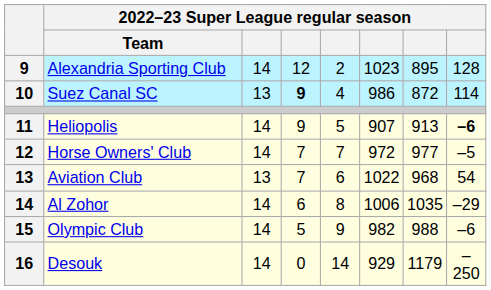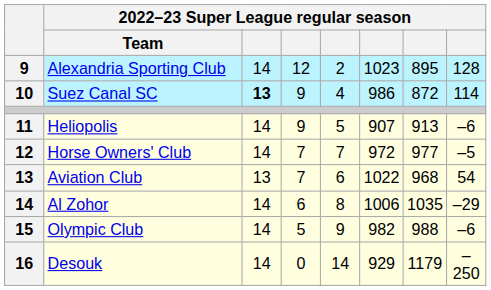 <table class="wikitable" style="font-size:95%; text-align:center">
 <tr>
 <th rowspan="2" width="30px"></th>
 <th colspan="7" style="text-align:center"><strong>2022–23 Super League regular season</strong></th>
 </tr>
 <tr>
 <th width="180px">Team</th>
 <th width="30px"></th>
 <th width="30px"></th>
 <th width="30px"></th>
 <th width="30px"></th>
 <th width="30px"></th>
 <th width="30px"></th>
 </tr>
 <tr bgcolor="#BBF3FF">
 <th>9</th>
 <td style="text-align:left;"><a href='#'>Alexandria Sporting Club</a></td>
 <td>14</td>
 <td>12</td>
 <td>2</td>
 <td>1023</td>
 <td>895</td>
 <td>128</td>
 </tr>
 <tr bgcolor="#BBF3FF">
 <th>10</th>
 <td style="text-align:left;"><a href='#'>Suez Canal SC</a></td>
-<td>13</td>
-<td><strong>9</strong></td>
+<td><strong>13</strong></td>
+<td>9</td>
 <td>4</td>
 <td>986</td>
 <td>872</td>
 <td>114</td>
 </tr>
 <tr style="background-color:#CCCCCC">
 <td colspan="8"></td>
 </tr>
 <tr bgcolor="#FFFFE0">
 <th>11</th>
 <td style="text-align:left;"><a href='#'>Heliopolis</a></td>
 <td>14</td>
 <td>9</td>
 <td>5</td>
 <td>907</td>
 <td>913</td>
-<td><strong>–6</strong></td>
+<td>–6</td>
 </tr>
 <tr bgcolor="#FFFFE0">
 <th>12</th>
 <td style="text-align:left;"><a href='#'>Horse Owners' Club</a></td>
 <td>14</td>
 <td>7</td>
 <td>7</td>
 <td>972</td>
 <td>977</td>
 <td>–5</td>
 </tr>
 <tr bgcolor="#FFFFE0">
 <th>13</th>
 <td style="text-align:left;"><a href='#'>Aviation Club</a></td>
 <td>13</td>
 <td>7</td>
 <td>6</td>
 <td>1022</td>
 <td>968</td>
 <td>54</td>
 </tr>
 <tr bgcolor="#FFFFE0">
 <th>14</th>
 <td style="text-align:left;"><a href='#'>Al Zohor</a></td>
 <td>14</td>
 <td>6</td>
 <td>8</td>
 <td>1006</td>
 <td>1035</td>
 <td>–29</td>
 </tr>
 <tr bgcolor="#FFFFE0">
 <th>15</th>
 <td style="text-align:left;"><a href='#'>Olympic Club</a></td>
 <td>14</td>
 <td>5</td>
 <td>9</td>
 <td>982</td>
 <td>988</td>
 <td>–6</td>
 </tr>
 <tr bgcolor="#FFFFE0">
 <th>16</th>
 <td style="text-align:left;"><a href='#'>Desouk</a></td>
 <td>14</td>
 <td>0</td>
 <td>14</td>
 <td>929</td>
 <td>1179</td>
 <td>–250</td>
 </tr>
 </table>
